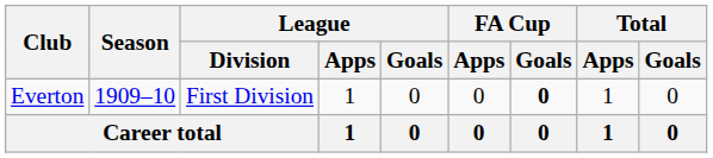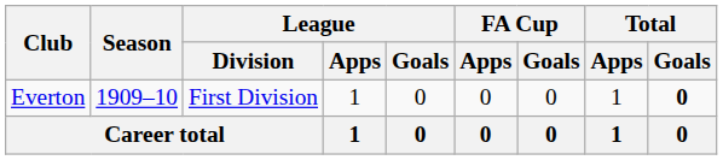 <table class="wikitable" style="text-align: center;">
 <tr>
 <th rowspan="2">Club</th>
 <th rowspan="2">Season</th>
 <th colspan="3">League</th>
 <th colspan="2">FA Cup</th>
 <th colspan="2">Total</th>
 </tr>
 <tr>
 <th>Division</th>
 <th>Apps</th>
 <th>Goals</th>
 <th>Apps</th>
 <th>Goals</th>
 <th>Apps</th>
 <th>Goals</th>
 </tr>
 <tr>
 <td><a href='#'>Everton</a></td>
 <td><a href='#'>1909–10</a></td>
 <td><a href='#'>First Division</a></td>
 <td>1</td>
 <td>0</td>
 <td>0</td>
+<td>0</td>
+<td>1</td>
 <td><strong>0</strong></td>
-<td>1</td>
-<td>0</td>
 </tr>
 <tr>
 <th colspan="3">Career total</th>
 <th>1</th>
 <th>0</th>
 <th>0</th>
 <th>0</th>
 <th>1</th>
 <th>0</th>
 </tr>
 </table>
